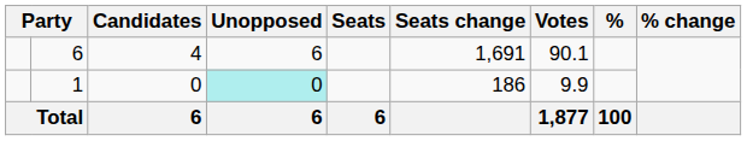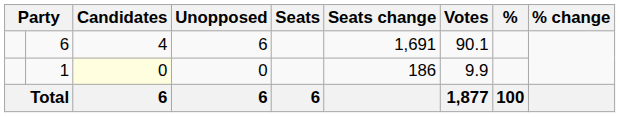 <table class="wikitable sortable">
 <tr>
 <th colspan=2>Party</th>
 <th>Candidates</th>
 <th>Unopposed</th>
 <th>Seats</th>
 <th>Seats change</th>
 <th>Votes</th>
 <th>%</th>
 <th>% change</th>
 </tr>
 <tr>
 <td></td>
 <td align=right>6</td>
 <td align=right>4</td>
 <td align=right>6</td>
 <td align=right></td>
 <td align=right>1,691</td>
 <td align=right>90.1</td>
 <td align=right></td>
 </tr>
 <tr>
 <td></td>
 <td align=right>1</td>
+<td align=right style="background: lightyellow;">0</td>
 <td align=right>0</td>
-<td align=right style="background: paleturquoise;">0</td>
 <td align=right></td>
 <td align=right>186</td>
 <td align=right>9.9</td>
 <td align=right></td>
 </tr>
 <tr class="sortbottom" style="font-weight: bold; text-align: right; background: #f2f2f2;">
 <th colspan="2" style="padding-left: 1.5em; text-align: left;">Total</th>
 <td align=right>6</td>
 <td align=right>6</td>
 <td align=right>6</td>
 <td align=right></td>
 <td align=right>1,877</td>
 <td align=right>100</td>
 <td align=right></td>
 </tr>
 </table>
